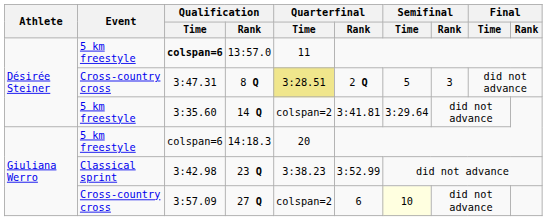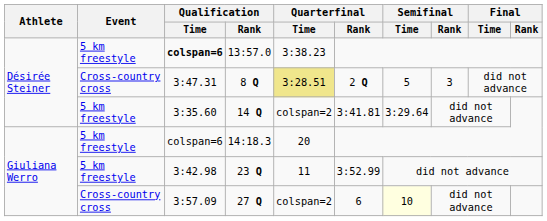 <table class="wikitable" style="font-size:90%">
 <tr>
 <th rowspan="2">Athlete</th>
 <th rowspan="2">Event</th>
 <th colspan="2">Qualification</th>
 <th colspan="2">Quarterfinal</th>
 <th colspan="2">Semifinal</th>
 <th colspan="2">Final</th>
 </tr>
 <tr style="font-size:95%">
 <th>Time</th>
 <th>Rank</th>
 <th>Time</th>
 <th>Rank</th>
 <th>Time</th>
 <th>Rank</th>
 <th>Time</th>
 <th>Rank</th>
 </tr>
 <tr align=center>
 <td align=left rowspan=3><a href='#'>Désirée Steiner</a></td>
 <td align=left><a href='#'>5 km freestyle</a></td>
 <td><strong>colspan=6 </strong></td>
 <td>13:57.0</td>
-<td>11</td>
+<td>3:38.23</td>
 </tr>
 <tr align=center>
 <td align=left><a href='#'>Cross-country cross</a></td>
 <td>3:47.31</td>
 <td>8 <strong>Q</strong></td>
 <td style="background: khaki;">3:28.51</td>
 <td>2 <strong>Q</strong></td>
 <td>5</td>
 <td>3</td>
 <td colspan=2>did not advance</td>
 </tr>
 <tr align=center>
 <td align=left><a href='#'>5 km freestyle</a></td>
 <td>3:35.60</td>
 <td>14 <strong>Q</strong></td>
 <td>colspan=2 </td>
 <td>3:41.81</td>
 <td>3:29.64</td>
 <td colspan=2>did not advance</td>
 </tr>
 <tr align=center>
 <td align=left rowspan=3><a href='#'>Giuliana Werro</a></td>
 <td align=left><a href='#'>5 km freestyle</a></td>
 <td>colspan=6 </td>
 <td>14:18.3</td>
 <td>20</td>
 </tr>
 <tr align=center>
-<td align=left><a href='#'>Classical sprint</a></td>
+<td align=left><a href='#'>5 km freestyle</a></td>
 <td>3:42.98</td>
 <td>23 <strong>Q</strong></td>
-<td>3:38.23</td>
+<td>11</td>
 <td>3:52.99</td>
 <td colspan=4>did not advance</td>
 </tr>
 <tr align=center>
 <td align=left><a href='#'>Cross-country cross</a></td>
 <td>3:57.09</td>
 <td>27 <strong>Q</strong></td>
 <td>colspan=2 </td>
 <td>6</td>
 <td style="background: lightyellow;">10</td>
 <td colspan=2>did not advance</td>
 </tr>
 </table>
